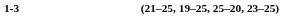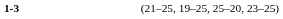 <table width=100% cellspacing=1>
 <tr>
 <th width=20%></th>
 <th width=12%></th>
 <th width=20%></th>
 <th width=33%></th>
 <td></td>
 </tr>
 <tr style=font-size:90%>
 <td align=right></td>
 <td align=center><strong>1-3</strong></td>
 <td></td>
-<td><strong>(21–25, 19–25, 25–20, 23–25)</strong></td>
+<td>(21–25, 19–25, 25–20, 23–25)</td>
 </tr>
 </table>
